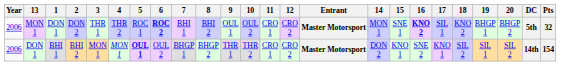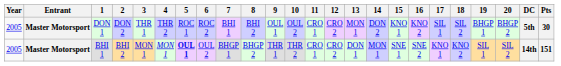 <table class="wikitable" style="text-align:center; font-size:80%">
 <tr>
 <th>Year</th>
-<th>13</th>
+<th>Entrant</th>
 <th>1</th>
 <th>2</th>
 <th>3</th>
 <th>4</th>
 <th>5</th>
 <th>6</th>
 <th>7</th>
 <th>8</th>
 <th>9</th>
 <th>10</th>
 <th>11</th>
 <th>12</th>
-<th>Entrant</th>
+<th>13</th>
 <th>14</th>
 <th>15</th>
 <th>16</th>
 <th>17</th>
 <th>18</th>
 <th>19</th>
 <th>20</th>
 <th>DC</th>
 <th>Pts</th>
 </tr>
 <tr>
-<td><a href='#'>2006</a></td>
-<td style="background:#EFCFFF;"><a href='#'>MON<br>1</a><br></td>
+<td><a href='#'>2005</a></td>
+<th>Master Motorsport</th>
 <td style="background:#DFFFDF;"><a href='#'>DON<br>1</a><br></td>
 <td style="background:#CFCFFF;"><a href='#'>DON<br>2</a><br></td>
 <td style="background:#DFFFDF;"><a href='#'>THR<br>1</a><br></td>
 <td style="background:#CFCFFF;"><a href='#'>THR<br>2</a><br></td>
 <td style="background:#CFCFFF;"><a href='#'>ROC<br>1</a><br></td>
-<td style="background:#CFCFFF;"><strong><a href='#'>ROC<br>2</a><br></strong></td>
+<td style="background:#CFCFFF;"><a href='#'>ROC<br>2</a><br></td>
 <td style="background:#EFCFFF;"><a href='#'>BHI<br>1</a><br></td>
 <td style="background:#CFCFFF;"><a href='#'>BHI<br>2</a><br></td>
 <td style="background:#DFFFDF;"><a href='#'>OUL<br>1</a><br></td>
 <td style="background:#CFCFFF;"><a href='#'>OUL<br>2</a><br></td>
 <td style="background:#DFFFDF;"><a href='#'>CRO<br>1</a><br></td>
 <td style="background:#EFCFFF;"><a href='#'>CRO<br>2</a><br></td>
-<th>Master Motorsport</th>
-<td style="background:#CFCFFF;"><a href='#'>MON<br>1</a><br></td>
-<td style="background:#DFFFDF;"><a href='#'>SNE<br>1</a><br></td>
-<td style="background:#EFCFFF;"><strong><a href='#'>KNO<br>2</a><br></strong></td>
+<td style="background:#EFCFFF;"><a href='#'>MON<br>1</a><br></td>
+<td style="background:#CFCFFF;"><a href='#'>DON<br>2</a><br></td>
+<td style="background:#DFFFDF;"><a href='#'>KNO<br>1</a><br></td>
+<td style="background:#EFCFFF;"><a href='#'>KNO<br>2</a><br></td>
 <td style="background:#CFCFFF;"><a href='#'>SIL<br>1</a><br></td>
-<td style="background:#CFCFFF;"><a href='#'>KNO<br>2</a><br></td>
+<td style="background:#CFCFFF;"><a href='#'>SIL<br>2</a><br></td>
 <td style="background:#DFFFDF;"><a href='#'>BHGP<br>1</a><br></td>
 <td style="background:#DFFFDF;"><a href='#'>BHGP<br>2</a><br></td>
 <th>5th</th>
-<th>32</th>
+<th>30</th>
 </tr>
 <tr>
-<td><a href='#'>2006</a></td>
-<td style="background:#DFFFDF;"><a href='#'>DON<br>1</a><br></td>
+<td><a href='#'>2005</a></td>
+<th>Master Motorsport</th>
 <td style="background:#DFDFDF;"><a href='#'>BHI<br>1</a><br></td>
 <td style="background:#FFDF9F;"><a href='#'>BHI<br>2</a><br></td>
 <td style="background:#FFDF9F;"><a href='#'>MON<br>1</a><br></td>
 <td style="background:#DFFFDF;"><em><a href='#'>MON<br>1</a></em><br></td>
 <td style="background:#EFCFFF;"><strong><a href='#'>OUL<br>1</a><br></strong></td>
 <td style="background:#EFCFFF;"><a href='#'>OUL<br>2</a><br></td>
 <td style="background:#DFDFDF;"><a href='#'>BHGP<br>1</a><br></td>
 <td style="background:#DFFFDF;"><a href='#'>BHGP<br>2</a><br></td>
 <td style="background:#DFDFDF;"><a href='#'>THR<br>1</a><br></td>
 <td style="background:#DFDFDF;"><a href='#'>THR<br>2</a><br></td>
 <td style="background:#DFFFDF;"><a href='#'>CRO<br>1</a><br></td>
 <td style="background:#DFFFDF;"><a href='#'>CRO<br>2</a><br></td>
-<th>Master Motorsport</th>
-<td style="background:#CFCFFF;"><a href='#'>DON<br>2</a><br></td>
-<td style="background:#DFFFDF;"><a href='#'>KNO<br>1</a><br></td>
+<td style="background:#DFFFDF;"><a href='#'>DON<br>1</a><br></td>
+<td style="background:#CFCFFF;"><a href='#'>MON<br>1</a><br></td>
+<td style="background:#DFFFDF;"><a href='#'>SNE<br>1</a><br></td>
 <td style="background:#DFFFDF;"><a href='#'>SNE<br>2</a><br></td>
 <td style="background:#EFCFFF;"><a href='#'>KNO<br>1</a><br></td>
-<td style="background:#CFCFFF;"><a href='#'>SIL<br>2</a><br></td>
+<td style="background:#CFCFFF;"><a href='#'>KNO<br>2</a><br></td>
 <td style="background:#FFDF9F;"><a href='#'>SIL<br>1</a><br></td>
 <td style="background:#FFDF9F;"><a href='#'>SIL<br>2</a><br></td>
 <th>14th</th>
-<th>154</th>
+<th>151</th>
 </tr>
 </table>
